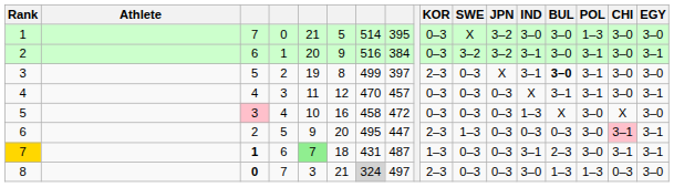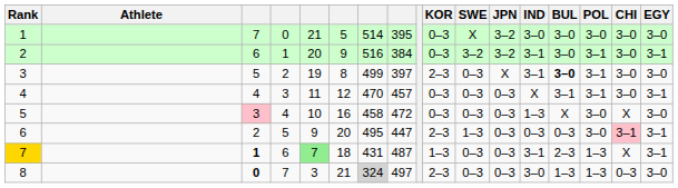 <table class="wikitable" style="text-align:center">
 <tr>
 <th>Rank</th>
 <th width=250>Athlete</th>
 <th width=30></th>
 <th width=30></th>
 <th width=30></th>
 <th width=30></th>
 <th width=30></th>
 <th width=30></th>
 <th rowspan=9></th>
 <th width=30>KOR</th>
 <th width=30>SWE</th>
 <th width=30>JPN</th>
 <th width=30>IND</th>
 <th width=30>BUL</th>
 <th width=30>POL</th>
 <th width=30>CHI</th>
 <th width=30>EGY</th>
 </tr>
 <tr style="background-color:#ccffcc;">
 <td>1</td>
 <td align=left></td>
 <td>7</td>
 <td>0</td>
 <td>21</td>
 <td>5</td>
 <td>514</td>
 <td>395</td>
 <td>0–3</td>
 <td>X</td>
 <td>3–2</td>
 <td>3–0</td>
 <td>3–0</td>
-<td>1–3</td>
+<td>3–0</td>
 <td>3–0</td>
 <td>3–0</td>
 </tr>
 <tr style="background-color:#ccffcc;">
 <td>2</td>
 <td align=left></td>
 <td>6</td>
 <td>1</td>
 <td>20</td>
 <td>9</td>
 <td>516</td>
 <td>384</td>
 <td>0–3</td>
 <td>3–2</td>
 <td>3–2</td>
 <td>3–1</td>
 <td>3–0</td>
 <td>3–1</td>
 <td>3–0</td>
 <td>3–1</td>
 </tr>
 <tr>
 <td>3</td>
 <td align=left></td>
 <td>5</td>
 <td>2</td>
 <td>19</td>
 <td>8</td>
 <td>499</td>
 <td>397</td>
 <td>2–3</td>
 <td>0–3</td>
 <td>X</td>
 <td>3–1</td>
 <td><strong>3–0</strong></td>
 <td>3–1</td>
 <td>3–0</td>
 <td>3–0</td>
 </tr>
 <tr>
 <td>4</td>
 <td align=left></td>
 <td>4</td>
 <td>3</td>
 <td>11</td>
 <td>12</td>
 <td>470</td>
 <td>457</td>
 <td>0–3</td>
 <td>0–3</td>
 <td>0–3</td>
 <td>X</td>
 <td>3–1</td>
 <td>3–1</td>
 <td>3–0</td>
 <td>3–1</td>
 </tr>
 <tr>
 <td>5</td>
 <td align=left></td>
 <td style="background: pink;">3</td>
 <td>4</td>
 <td>10</td>
 <td>16</td>
 <td>458</td>
 <td>472</td>
 <td>0–3</td>
 <td>0–3</td>
 <td>0–3</td>
 <td>1–3</td>
 <td>X</td>
 <td>3–0</td>
 <td>X</td>
 <td>3–0</td>
 </tr>
 <tr>
 <td>6</td>
 <td align=left></td>
 <td>2</td>
 <td>5</td>
 <td>9</td>
 <td>20</td>
 <td>495</td>
 <td>447</td>
 <td>2–3</td>
 <td>1–3</td>
 <td>0–3</td>
 <td>0–3</td>
 <td>0–3</td>
 <td>3–0</td>
 <td style="background: pink;">3–1</td>
 <td>3–1</td>
 </tr>
 <tr>
 <td style="background: gold;">7</td>
 <td align=left></td>
 <td><strong>1</strong></td>
 <td>6</td>
 <td style="background: lightgreen;">7</td>
 <td>18</td>
 <td>431</td>
 <td>487</td>
 <td>1–3</td>
 <td>0–3</td>
 <td>0–3</td>
 <td>3–1</td>
 <td>2–3</td>
-<td>3–0</td>
-<td>3–1</td>
+<td>1–3</td>
+<td>X</td>
 <td>3–1</td>
 </tr>
 <tr>
 <td>8</td>
 <td align=left></td>
 <td><strong>0</strong></td>
 <td>7</td>
 <td>3</td>
 <td>21</td>
 <td style="background: lightgrey;">324</td>
 <td>497</td>
 <td>2–3</td>
 <td>0–3</td>
 <td>0–3</td>
 <td>3–0</td>
 <td>1–3</td>
 <td>1–3</td>
 <td>0–3</td>
 <td>3–0</td>
 </tr>
 </table>
